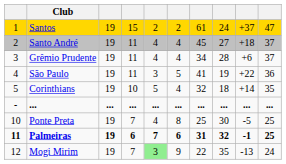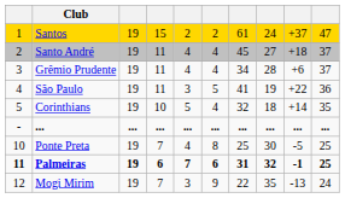 <table class="wikitable" style="text-align:center">
 <tr>
 <th width=30></th>
 <th>Club</th>
 <th width=30></th>
 <th width=30></th>
 <th width=30></th>
 <th width=30></th>
 <th width=30></th>
 <th width=30></th>
 <th width=30></th>
 <th width=30></th>
 </tr>
 <tr bgcolor="gold">
 <td>1</td>
 <td align=left><a href='#'>Santos</a></td>
 <td>19</td>
 <td>15</td>
 <td>2</td>
 <td>2</td>
 <td>61</td>
 <td>24</td>
 <td>+37</td>
 <td>47</td>
 </tr>
 <tr bgcolor="silver">
 <td>2</td>
 <td align=left><a href='#'>Santo André</a></td>
 <td>19</td>
 <td>11</td>
 <td>4</td>
 <td>4</td>
 <td>45</td>
 <td>27</td>
 <td>+18</td>
 <td>37</td>
 </tr>
 <tr>
 <td>3</td>
 <td align=left><a href='#'>Grêmio Prudente</a></td>
 <td>19</td>
 <td>11</td>
 <td>4</td>
 <td>4</td>
 <td>34</td>
 <td>28</td>
 <td>+6</td>
 <td>37</td>
 </tr>
 <tr>
 <td>4</td>
 <td align=left><a href='#'>São Paulo</a></td>
 <td>19</td>
 <td>11</td>
 <td>3</td>
 <td>5</td>
 <td>41</td>
 <td>19</td>
 <td>+22</td>
 <td>36</td>
 </tr>
 <tr>
 <td>5</td>
 <td align=left><a href='#'>Corinthians</a></td>
 <td>19</td>
 <td>10</td>
 <td>5</td>
 <td>4</td>
 <td>32</td>
 <td>18</td>
 <td>+14</td>
 <td>35</td>
 </tr>
 <tr>
 <td><strong>-</strong></td>
 <td align=left><strong>...</strong></td>
 <td><strong>...</strong></td>
 <td><strong>...</strong></td>
 <td><strong>...</strong></td>
 <td><strong>...</strong></td>
 <td><strong>...</strong></td>
 <td><strong>...</strong></td>
 <td><strong>...</strong></td>
 <td><strong>...</strong></td>
 </tr>
 <tr>
 <td>10</td>
 <td align=left><a href='#'>Ponte Preta</a></td>
 <td>19</td>
 <td>7</td>
 <td>4</td>
 <td>8</td>
 <td>25</td>
 <td>30</td>
 <td>-5</td>
 <td>25</td>
 </tr>
 <tr>
 <td><strong>11</strong></td>
 <td align=left><strong><a href='#'>Palmeiras</a></strong></td>
 <td><strong>19</strong></td>
 <td><strong>6</strong></td>
 <td><strong>7</strong></td>
 <td><strong>6</strong></td>
 <td><strong>31</strong></td>
 <td><strong>32</strong></td>
 <td><strong>-1</strong></td>
 <td><strong>25</strong></td>
 </tr>
 <tr>
 <td>12</td>
 <td align=left><a href='#'>Mogi Mirim</a></td>
 <td>19</td>
 <td>7</td>
-<td style="background: lightgreen;">3</td>
+<td>3</td>
 <td>9</td>
 <td>22</td>
 <td>35</td>
 <td>-13</td>
 <td>24</td>
 </tr>
 </table>
